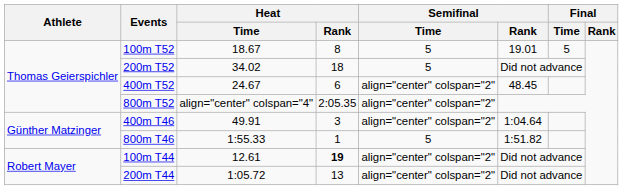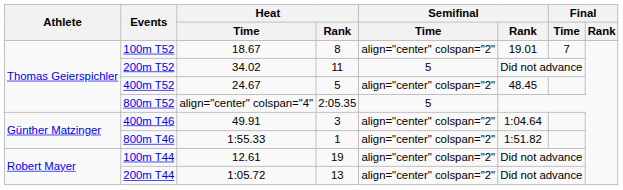 <table class=wikitable>
 <tr>
 <th rowspan="2">Athlete</th>
 <th rowspan="2">Events</th>
 <th colspan="2">Heat</th>
 <th colspan="2">Semifinal</th>
 <th colspan="2">Final</th>
 </tr>
 <tr>
 <th>Time</th>
 <th>Rank</th>
 <th>Time</th>
 <th>Rank</th>
 <th>Time</th>
 <th>Rank</th>
 </tr>
 <tr>
 <td rowspan=4><a href='#'>Thomas Geierspichler</a></td>
 <td><a href='#'>100m T52</a></td>
 <td align="center">18.67</td>
 <td align="center">8</td>
-<td align="center">5</td>
+<td>align="center" colspan="2" </td>
 <td align="center">19.01</td>
-<td align="center">5</td>
+<td align="center">7</td>
 </tr>
 <tr>
 <td><a href='#'>200m T52</a></td>
 <td align="center">34.02</td>
-<td align="center">18</td>
+<td align="center">11</td>
 <td align="center">5</td>
 <td align="center" colspan=2>Did not advance</td>
 </tr>
 <tr>
 <td><a href='#'>400m T52</a></td>
 <td align="center">24.67</td>
-<td align="center">6</td>
+<td align="center">5</td>
 <td>align="center" colspan="2" </td>
 <td align="center">48.45</td>
 <td align="center"></td>
 </tr>
 <tr>
 <td><a href='#'>800m T52</a></td>
 <td>align="center" colspan="4" </td>
 <td align="center">2:05.35</td>
-<td>align="center" colspan="2" </td>
+<td align="center">5</td>
 </tr>
 <tr>
 <td rowspan=2><a href='#'>Günther Matzinger</a></td>
 <td><a href='#'>400m T46</a></td>
 <td align="center">49.91</td>
 <td align="center">3</td>
 <td>align="center" colspan="2" </td>
 <td align="center">1:04.64</td>
 <td align="center"></td>
 </tr>
 <tr>
 <td><a href='#'>800m T46</a></td>
 <td align="center">1:55.33</td>
 <td align="center">1</td>
-<td align="center">5</td>
+<td>align="center" colspan="2" </td>
 <td align="center">1:51.82</td>
 <td align="center"></td>
 </tr>
 <tr>
 <td rowspan=2><a href='#'>Robert Mayer</a></td>
 <td><a href='#'>100m T44</a></td>
 <td align="center">12.61</td>
-<td align="center"><strong>19</strong></td>
+<td align="center">19</td>
 <td>align="center" colspan="2" </td>
 <td align="center" colspan=2>Did not advance</td>
 </tr>
 <tr>
 <td><a href='#'>200m T44</a></td>
 <td align="center">1:05.72</td>
 <td align="center">13</td>
 <td>align="center" colspan="2" </td>
 <td align="center" colspan=2>Did not advance</td>
 </tr>
 </table>
